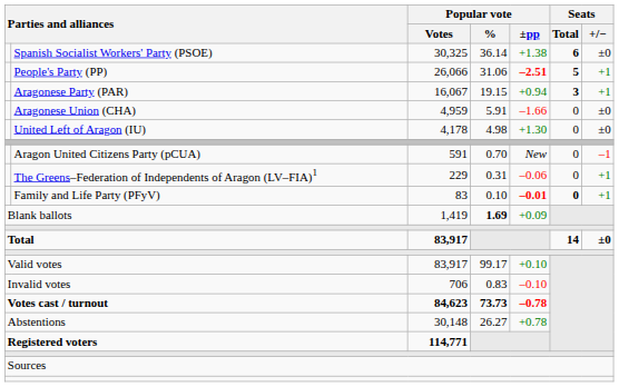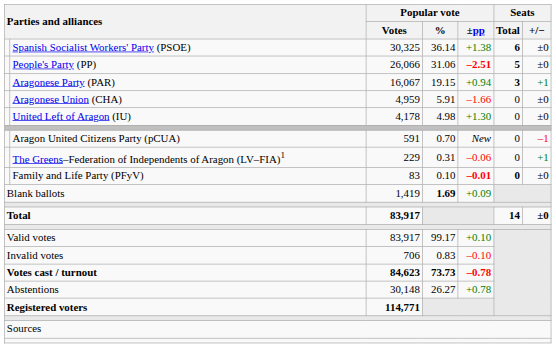 <table class="wikitable" style="text-align:right;">
 <tr>
 <th style="text-align:left;" rowspan="2" colspan="2" width="525">Parties and alliances</th>
 <th colspan="3">Popular vote</th>
 <th colspan="2">Seats</th>
 </tr>
 <tr>
 <th width="75">Votes</th>
 <th width="45">%</th>
 <th width="45">±<a href='#'>pp</a></th>
 <th width="35">Total</th>
 <th width="35">+/−</th>
 </tr>
 <tr>
 <td width="1" style="color:inherit;background:"></td>
 <td align="left"><a href='#'>Spanish Socialist Workers' Party</a> (PSOE)</td>
 <td>30,325</td>
 <td>36.14</td>
 <td style="color:green;">+1.38</td>
 <td><strong>6</strong></td>
 <td>±0</td>
 </tr>
 <tr>
 <td style="color:inherit;background:"></td>
 <td align="left"><a href='#'>People's Party</a> (PP)</td>
 <td>26,066</td>
 <td>31.06</td>
 <td style="color:red;"><strong>–2.51</strong></td>
 <td><strong>5</strong></td>
-<td style="color:green;">+1</td>
+<td>±0</td>
 </tr>
 <tr>
 <td style="color:inherit;background:"></td>
 <td align="left"><a href='#'>Aragonese Party</a> (PAR)</td>
 <td>16,067</td>
 <td>19.15</td>
 <td style="color:green;">+0.94</td>
 <td><strong>3</strong></td>
 <td style="color:green;">+1</td>
 </tr>
 <tr>
 <td style="color:inherit;background:"></td>
 <td align="left"><a href='#'>Aragonese Union</a> (CHA)</td>
 <td>4,959</td>
 <td>5.91</td>
 <td style="color:red;">–1.66</td>
 <td>0</td>
 <td>±0</td>
 </tr>
 <tr>
 <td style="color:inherit;background:"></td>
 <td align="left"><a href='#'>United Left of Aragon</a> (IU)</td>
 <td>4,178</td>
 <td>4.98</td>
 <td style="color:green;">+1.30</td>
 <td>0</td>
 <td>±0</td>
 </tr>
 <tr>
 <td colspan="7" bgcolor="#C0C0C0"></td>
 </tr>
 <tr>
 <td style="color:inherit;background:"></td>
 <td align="left">Aragon United Citizens Party (pCUA)</td>
 <td>591</td>
 <td>0.70</td>
 <td><em>New</em></td>
 <td>0</td>
 <td style="color:red;">–1</td>
 </tr>
 <tr>
 <td style="color:inherit;background:"></td>
 <td align="left"><a href='#'>The Greens</a>–Federation of Independents of Aragon (LV–FIA)<sup>1</sup></td>
 <td>229</td>
 <td>0.31</td>
 <td style="color:red;">–0.06</td>
 <td>0</td>
 <td style="color:green;">+1</td>
 </tr>
 <tr>
 <td style="color:inherit;background:"></td>
 <td align="left">Family and Life Party (PFyV)</td>
 <td>83</td>
 <td>0.10</td>
 <td style="color:red;"><strong>–0.01</strong></td>
 <td><strong>0</strong></td>
-<td style="color:green;">+1</td>
+<td>±0</td>
 </tr>
 <tr>
 <td align="left" colspan="2">Blank ballots</td>
 <td>1,419</td>
 <td><strong>1.69</strong></td>
 <td style="color:green;">+0.09</td>
 <td bgcolor="#E9E9E9" colspan="2"></td>
 </tr>
 <tr>
 <td colspan="7" bgcolor="#E9E9E9"></td>
 </tr>
 <tr style="font-weight:bold;">
 <td align="left" colspan="2">Total</td>
 <td>83,917</td>
 <td bgcolor="#E9E9E9" colspan="2"></td>
 <td>14</td>
 <td>±0</td>
 </tr>
 <tr>
 <td colspan="7" bgcolor="#E9E9E9"></td>
 </tr>
 <tr>
 <td align="left" colspan="2">Valid votes</td>
 <td>83,917</td>
 <td>99.17</td>
 <td style="color:green;">+0.10</td>
 <td bgcolor="#E9E9E9" colspan="2" rowspan="5"></td>
 </tr>
 <tr>
 <td align="left" colspan="2">Invalid votes</td>
 <td>706</td>
 <td>0.83</td>
 <td style="color:red;">–0.10</td>
 </tr>
 <tr style="font-weight:bold;">
 <td align="left" colspan="2">Votes cast / turnout</td>
 <td>84,623</td>
 <td>73.73</td>
 <td style="color:red;">–0.78</td>
 </tr>
 <tr>
 <td align="left" colspan="2">Abstentions</td>
 <td>30,148</td>
 <td>26.27</td>
 <td style="color:green;">+0.78</td>
 </tr>
 <tr style="font-weight:bold;">
 <td align="left" colspan="2">Registered voters</td>
 <td>114,771</td>
 <td bgcolor="#E9E9E9" colspan="2"></td>
 </tr>
 <tr>
 <td colspan="7" bgcolor="#E9E9E9"></td>
 </tr>
 <tr>
 <td align="left" colspan="7">Sources</td>
 </tr>
 <tr>
 <td colspan="7" style="text-align:left; max-width:790px;"></td>
 </tr>
 </table>
